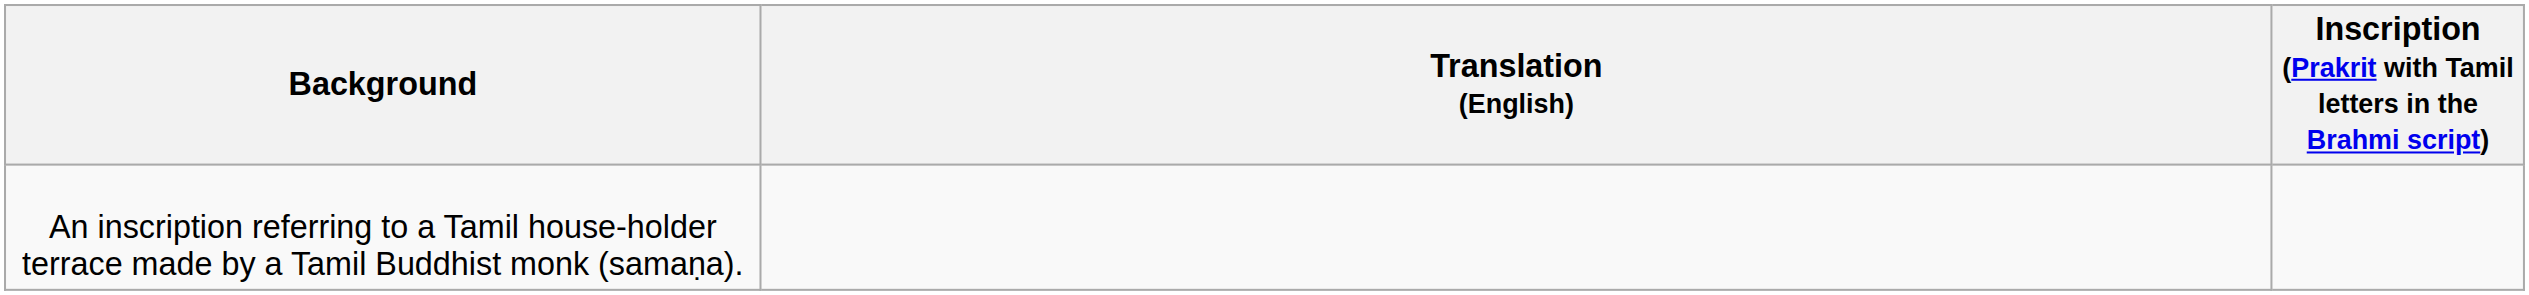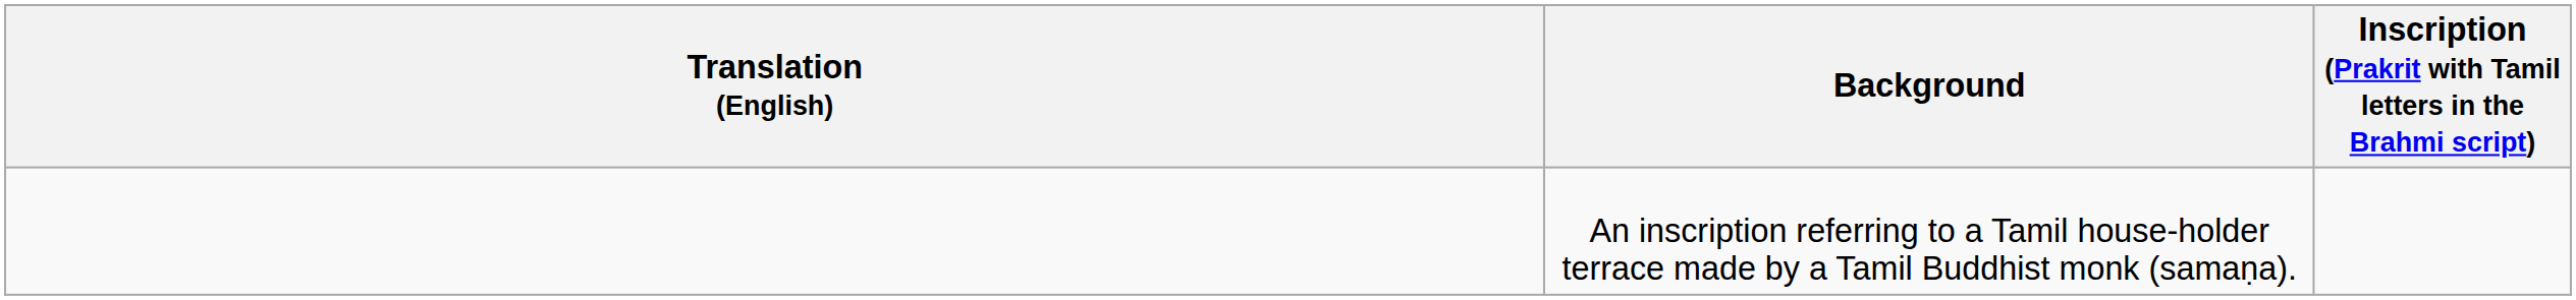 <table class="wikitable centre">
 <tr>
+<th>Translation<br><small>(English)</small></th>
 <th scope="col" align=left>Background<br></th>
-<th>Translation<br><small>(English)</small></th>
 <th>Inscription<br><small>(<a href='#'>Prakrit</a> with Tamil letters in the <a href='#'>Brahmi script</a>)</small></th>
 </tr>
 <tr>
+<td align=left><br></td>
 <td align=center width="30%"><br>An inscription referring to a Tamil house-holder terrace made by a Tamil Buddhist monk (samaṇa).</td>
-<td align=left><br></td>
 <td align=center width="10%"></td>
 </tr>
 </table>
